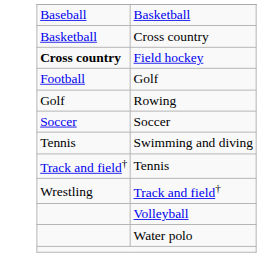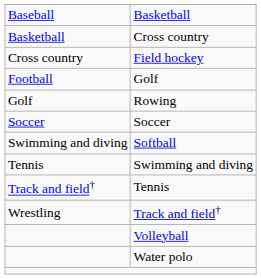 <table class="wikitable" style="float:right; clear:right; margin:0 0 1em 1em;">
 <tr>
 </tr>
 <tr>
 <td><a href='#'>Baseball</a></td>
 <td><a href='#'>Basketball</a></td>
 </tr>
 <tr>
 <td><a href='#'>Basketball</a></td>
 <td>Cross country</td>
 </tr>
 <tr>
-<td><strong>Cross country</strong></td>
+<td>Cross country</td>
 <td><a href='#'>Field hockey</a></td>
 </tr>
 <tr>
 <td><a href='#'>Football</a></td>
 <td>Golf</td>
 </tr>
 <tr>
 <td>Golf</td>
 <td>Rowing</td>
 </tr>
 <tr>
 <td><a href='#'>Soccer</a></td>
 <td>Soccer</td>
+</tr>
+<tr>
+<td>Swimming and diving</td>
+<td><a href='#'>Softball</a></td>
 </tr>
 <tr>
 <td>Tennis</td>
 <td>Swimming and diving</td>
 </tr>
 <tr>
 <td><a href='#'>Track and field</a><sup>†</sup></td>
 <td>Tennis</td>
 </tr>
 <tr>
 <td>Wrestling</td>
 <td><a href='#'>Track and field</a><sup>†</sup></td>
 </tr>
 <tr>
 <td></td>
 <td><a href='#'>Volleyball</a></td>
 </tr>
 <tr>
 <td></td>
 <td>Water polo</td>
 </tr>
 <tr>
 <td colspan="2"></td>
 </tr>
 </table>
